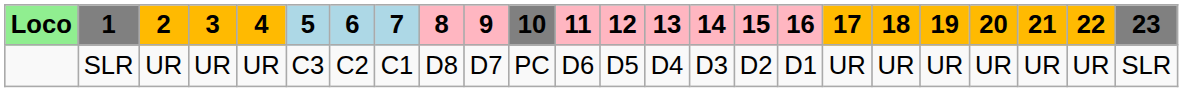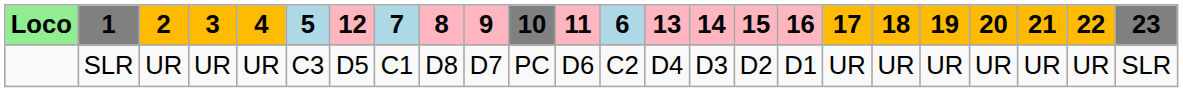 <table class="wikitable plainrowheaders unsortable" style="text-align:center">
 <tr>
 <th style="background:lightgreen;">Loco</th>
 <th style="background:grey;">1</th>
 <th style="background:#FFBA01;">2</th>
 <th style="background:#FFBA01;">3</th>
 <th style="background:#FFBA01;">4</th>
 <th style="background:lightblue;">5</th>
-<th style="background:lightblue;">6</th>
+<th style="background:lightpink;">12</th>
 <th style="background:lightblue;">7</th>
 <th style="background:lightpink;">8</th>
 <th style="background:lightpink;">9</th>
 <th style="background:grey;">10</th>
 <th style="background:lightpink;">11</th>
-<th style="background:lightpink;">12</th>
+<th style="background:lightblue;">6</th>
 <th style="background:lightpink;">13</th>
 <th style="background:lightpink;">14</th>
 <th style="background:lightpink;">15</th>
 <th style="background:lightpink;">16</th>
 <th style="background:#FFBA01;">17</th>
 <th style="background:#FFBA01;">18</th>
 <th style="background:#FFBA01;">19</th>
 <th style="background:#FFBA01;">20</th>
 <th style="background:#FFBA01;">21</th>
 <th style="background:#FFBA01;">22</th>
 <th style="background:grey;">23</th>
 </tr>
 <tr>
 <td></td>
 <td>SLR</td>
 <td>UR</td>
 <td>UR</td>
 <td>UR</td>
 <td>C3</td>
-<td>C2</td>
+<td>D5</td>
 <td>C1</td>
 <td>D8</td>
 <td>D7</td>
 <td>PC</td>
 <td>D6</td>
-<td>D5</td>
+<td>C2</td>
 <td>D4</td>
 <td>D3</td>
 <td>D2</td>
 <td>D1</td>
 <td>UR</td>
 <td>UR</td>
 <td>UR</td>
 <td>UR</td>
 <td>UR</td>
 <td>UR</td>
 <td>SLR</td>
 </tr>
 </table>
